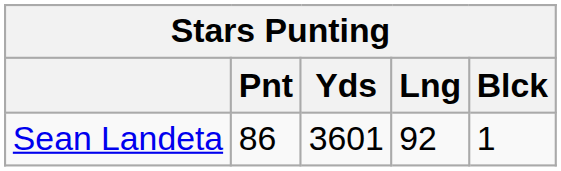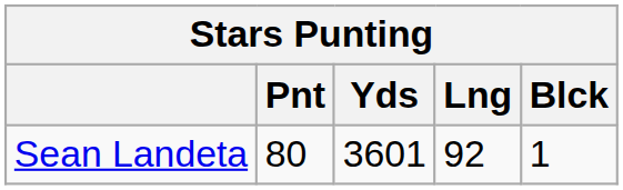 <table class="wikitable">
 <tr>
 <th colspan="5">Stars Punting</th>
 </tr>
 <tr>
 <th></th>
 <th>Pnt</th>
 <th>Yds</th>
 <th>Lng</th>
 <th>Blck</th>
 </tr>
 <tr>
 <td><a href='#'>Sean Landeta</a></td>
-<td>86</td>
+<td>80</td>
 <td>3601</td>
 <td>92</td>
 <td>1</td>
 </tr>
 </table>
